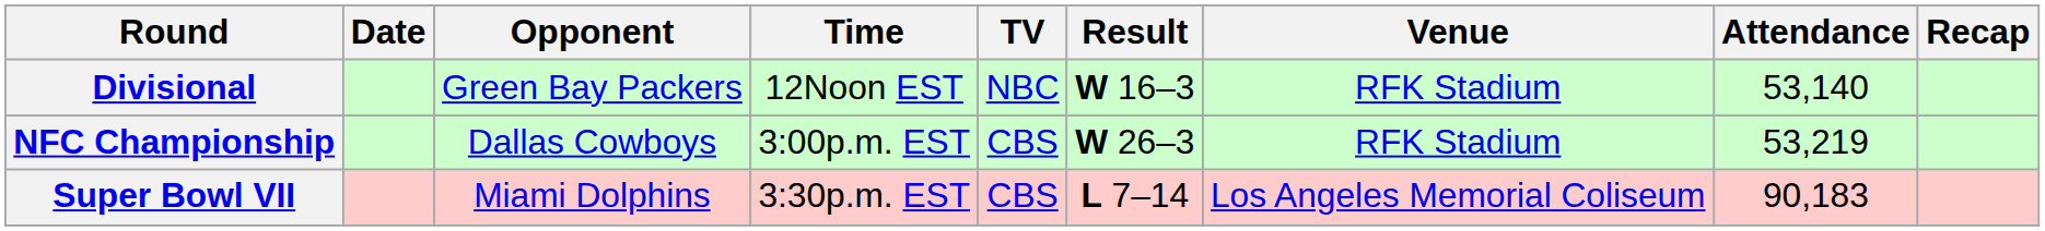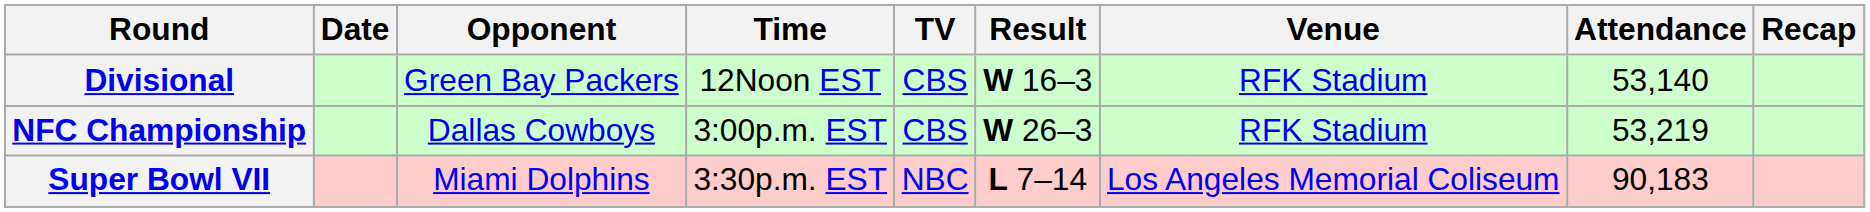 <table class="wikitable" style="text-align:center">
 <tr>
 <th>Round</th>
 <th>Date</th>
 <th>Opponent</th>
 <th>Time</th>
 <th>TV</th>
 <th>Result</th>
 <th>Venue</th>
 <th>Attendance</th>
 <th>Recap</th>
 </tr>
 <tr style="background:#cfc">
 <th><a href='#'>Divisional</a></th>
 <td></td>
 <td><a href='#'>Green Bay Packers</a></td>
 <td>12Noon <a href='#'>EST</a></td>
-<td><a href='#'>NBC</a></td>
+<td><a href='#'>CBS</a></td>
 <td><strong>W</strong> 16–3</td>
 <td><a href='#'>RFK Stadium</a></td>
 <td>53,140</td>
 <td></td>
 </tr>
 <tr style="background:#cfc">
 <th><a href='#'>NFC Championship</a></th>
 <td></td>
 <td><a href='#'>Dallas Cowboys</a></td>
 <td>3:00p.m. <a href='#'>EST</a></td>
 <td><a href='#'>CBS</a></td>
 <td><strong>W</strong> 26–3</td>
 <td><a href='#'>RFK Stadium</a></td>
 <td>53,219</td>
 <td></td>
 </tr>
 <tr style="background:#fcc">
 <th><a href='#'>Super Bowl VII</a></th>
 <td></td>
 <td><a href='#'>Miami Dolphins</a></td>
 <td>3:30p.m. <a href='#'>EST</a></td>
-<td><a href='#'>CBS</a></td>
+<td><a href='#'>NBC</a></td>
 <td><strong>L</strong> 7–14</td>
 <td><a href='#'>Los Angeles Memorial Coliseum</a></td>
 <td>90,183</td>
 <td></td>
 </tr>
 </table>
